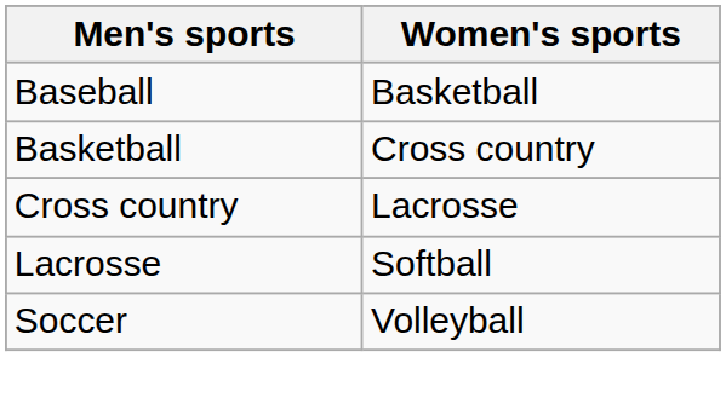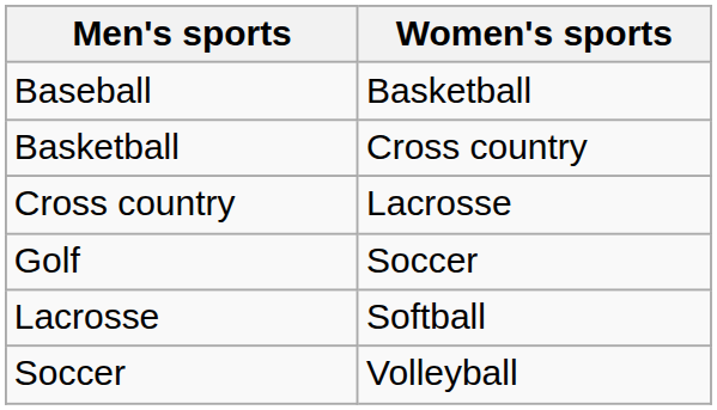 <table class="wikitable"; style= "text-align: ">
 <tr>
 <th width=150px>Men's sports</th>
 <th width=150px>Women's sports</th>
 </tr>
 <tr>
 <td>Baseball</td>
 <td>Basketball</td>
 </tr>
 <tr>
 <td>Basketball</td>
 <td>Cross country</td>
 </tr>
 <tr>
 <td>Cross country</td>
 <td>Lacrosse</td>
 </tr>
 <tr>
+<td>Golf</td>
+<td>Soccer</td>
+</tr>
+<tr>
 <td>Lacrosse</td>
 <td>Softball</td>
 </tr>
 <tr>
 <td>Soccer</td>
 <td>Volleyball</td>
 </tr>
 </table>
